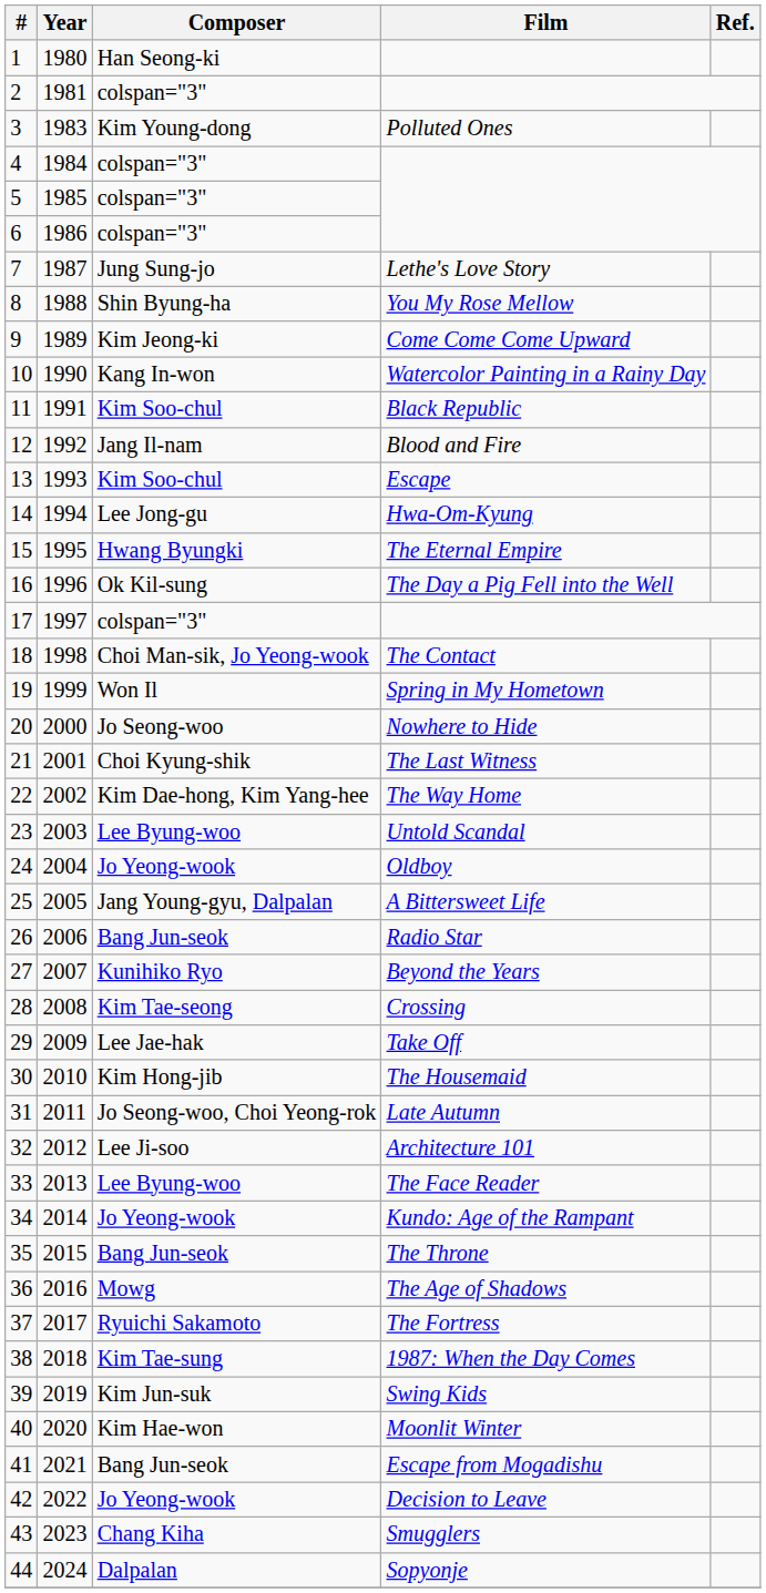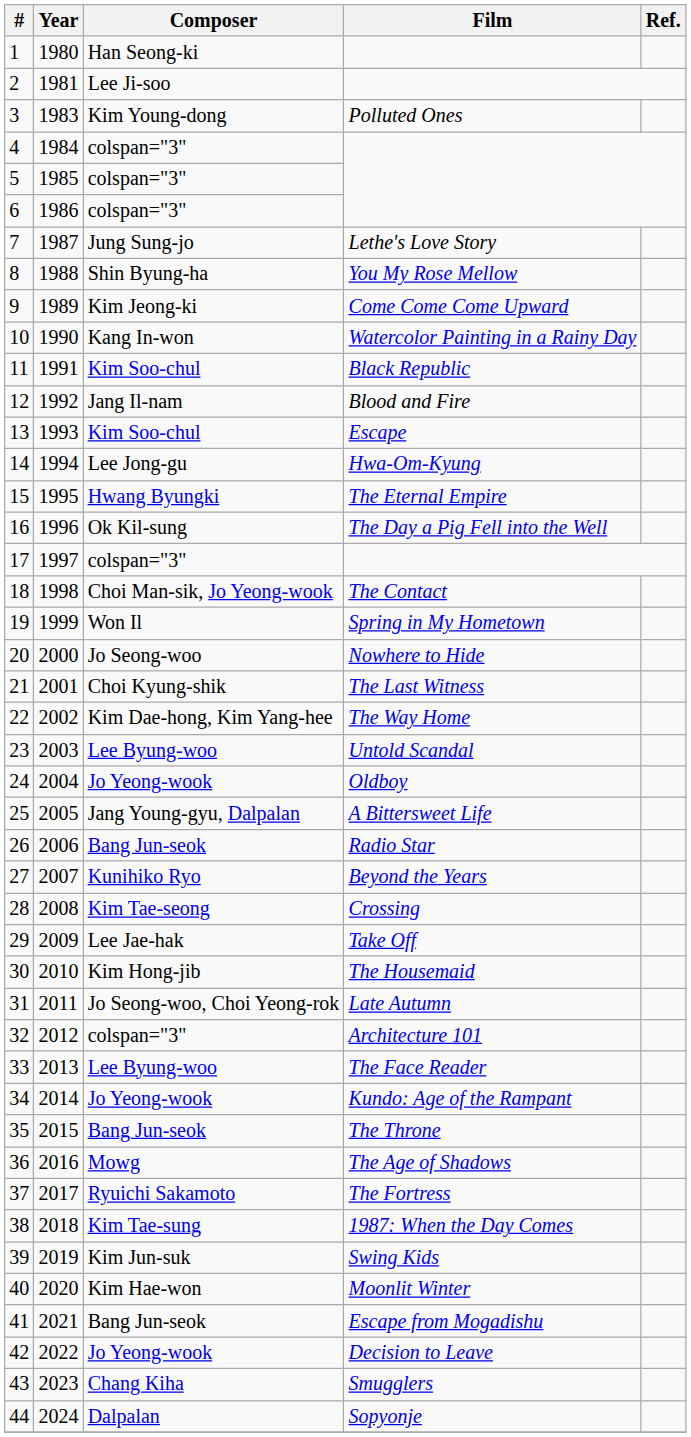 <table class="wikitable">
 <tr>
 <th>#</th>
 <th>Year</th>
 <th>Composer</th>
 <th>Film</th>
 <th>Ref.</th>
 </tr>
 <tr>
 <td>1</td>
 <td>1980</td>
 <td>Han Seong-ki</td>
 <td></td>
 <td></td>
 </tr>
 <tr>
 <td>2</td>
 <td>1981</td>
-<td>colspan="3" </td>
+<td>Lee Ji-soo</td>
 </tr>
 <tr>
 <td>3</td>
 <td>1983</td>
 <td>Kim Young-dong</td>
 <td><em>Polluted Ones</em></td>
 <td></td>
 </tr>
 <tr>
 <td>4</td>
 <td>1984</td>
 <td>colspan="3" </td>
 </tr>
 <tr>
 <td>5</td>
 <td>1985</td>
 <td>colspan="3" </td>
 </tr>
 <tr>
 <td>6</td>
 <td>1986</td>
 <td>colspan="3" </td>
 </tr>
 <tr>
 <td>7</td>
 <td>1987</td>
 <td>Jung Sung-jo</td>
 <td><em>Lethe's Love Story</em></td>
 <td></td>
 </tr>
 <tr>
 <td>8</td>
 <td>1988</td>
 <td>Shin Byung-ha</td>
 <td><em><a href='#'>You My Rose Mellow</a></em></td>
 <td></td>
 </tr>
 <tr>
 <td>9</td>
 <td>1989</td>
 <td>Kim Jeong-ki</td>
 <td><em><a href='#'>Come Come Come Upward</a></em></td>
 <td></td>
 </tr>
 <tr>
 <td>10</td>
 <td>1990</td>
 <td>Kang In-won</td>
 <td><em><a href='#'>Watercolor Painting in a Rainy Day</a></em></td>
 <td></td>
 </tr>
 <tr>
 <td>11</td>
 <td>1991</td>
 <td><a href='#'>Kim Soo-chul</a></td>
 <td><em><a href='#'>Black Republic</a></em></td>
 <td></td>
 </tr>
 <tr>
 <td>12</td>
 <td>1992</td>
 <td>Jang Il-nam</td>
 <td><em>Blood and Fire</em></td>
 <td></td>
 </tr>
 <tr>
 <td>13</td>
 <td>1993</td>
 <td><a href='#'>Kim Soo-chul</a></td>
 <td><em><a href='#'>Escape</a></em></td>
 <td></td>
 </tr>
 <tr>
 <td>14</td>
 <td>1994</td>
 <td>Lee Jong-gu</td>
 <td><em><a href='#'>Hwa-Om-Kyung</a></em></td>
 <td></td>
 </tr>
 <tr>
 <td>15</td>
 <td>1995</td>
 <td><a href='#'>Hwang Byungki</a></td>
 <td><em><a href='#'>The Eternal Empire</a></em></td>
 <td></td>
 </tr>
 <tr>
 <td>16</td>
 <td>1996</td>
 <td>Ok Kil-sung</td>
 <td><em><a href='#'>The Day a Pig Fell into the Well</a></em></td>
 <td></td>
 </tr>
 <tr>
 <td>17</td>
 <td>1997</td>
 <td>colspan="3" </td>
 </tr>
 <tr>
 <td>18</td>
 <td>1998</td>
 <td>Choi Man-sik, <a href='#'>Jo Yeong-wook</a></td>
 <td><em><a href='#'>The Contact</a></em></td>
 <td></td>
 </tr>
 <tr>
 <td>19</td>
 <td>1999</td>
 <td>Won Il</td>
 <td><em><a href='#'>Spring in My Hometown</a></em></td>
 <td></td>
 </tr>
 <tr>
 <td>20</td>
 <td>2000</td>
 <td>Jo Seong-woo</td>
 <td><em><a href='#'>Nowhere to Hide</a></em></td>
 <td></td>
 </tr>
 <tr>
 <td>21</td>
 <td>2001</td>
 <td>Choi Kyung-shik</td>
 <td><em><a href='#'>The Last Witness</a></em></td>
 <td></td>
 </tr>
 <tr>
 <td>22</td>
 <td>2002</td>
 <td>Kim Dae-hong, Kim Yang-hee</td>
 <td><em><a href='#'>The Way Home</a></em></td>
 <td></td>
 </tr>
 <tr>
 <td>23</td>
 <td>2003</td>
 <td><a href='#'>Lee Byung-woo</a></td>
 <td><em><a href='#'>Untold Scandal</a></em></td>
 <td></td>
 </tr>
 <tr>
 <td>24</td>
 <td>2004</td>
 <td><a href='#'>Jo Yeong-wook</a></td>
 <td><em><a href='#'>Oldboy</a></em></td>
 <td></td>
 </tr>
 <tr>
 <td>25</td>
 <td>2005</td>
 <td>Jang Young-gyu, <a href='#'>Dalpalan</a></td>
 <td><em><a href='#'>A Bittersweet Life</a></em></td>
 <td></td>
 </tr>
 <tr>
 <td>26</td>
 <td>2006</td>
 <td><a href='#'>Bang Jun-seok</a></td>
 <td><em><a href='#'>Radio Star</a></em></td>
 <td></td>
 </tr>
 <tr>
 <td>27</td>
 <td>2007</td>
 <td><a href='#'>Kunihiko Ryo</a></td>
 <td><em><a href='#'>Beyond the Years</a></em></td>
 <td></td>
 </tr>
 <tr>
 <td>28</td>
 <td>2008</td>
 <td><a href='#'>Kim Tae-seong</a></td>
 <td><em><a href='#'>Crossing</a></em></td>
 <td></td>
 </tr>
 <tr>
 <td>29</td>
 <td>2009</td>
 <td>Lee Jae-hak</td>
 <td><em><a href='#'>Take Off</a></em></td>
 <td></td>
 </tr>
 <tr>
 <td>30</td>
 <td>2010</td>
 <td>Kim Hong-jib</td>
 <td><em><a href='#'>The Housemaid</a></em></td>
 <td></td>
 </tr>
 <tr>
 <td>31</td>
 <td>2011</td>
 <td>Jo Seong-woo, Choi Yeong-rok</td>
 <td><em><a href='#'>Late Autumn</a></em></td>
 <td></td>
 </tr>
 <tr>
 <td>32</td>
 <td>2012</td>
-<td>Lee Ji-soo</td>
+<td>colspan="3" </td>
 <td><em><a href='#'>Architecture 101</a></em></td>
 <td></td>
 </tr>
 <tr>
 <td>33</td>
 <td>2013</td>
 <td><a href='#'>Lee Byung-woo</a></td>
 <td><em><a href='#'>The Face Reader</a></em></td>
 <td></td>
 </tr>
 <tr>
 <td>34</td>
 <td>2014</td>
 <td><a href='#'>Jo Yeong-wook</a></td>
 <td><em><a href='#'>Kundo: Age of the Rampant</a></em></td>
 <td></td>
 </tr>
 <tr>
 <td>35</td>
 <td>2015</td>
 <td><a href='#'>Bang Jun-seok</a></td>
 <td><em><a href='#'>The Throne</a></em></td>
 <td></td>
 </tr>
 <tr>
 <td>36</td>
 <td>2016</td>
 <td><a href='#'>Mowg</a></td>
 <td><em><a href='#'>The Age of Shadows</a></em></td>
 <td></td>
 </tr>
 <tr>
 <td>37</td>
 <td>2017</td>
 <td><a href='#'>Ryuichi Sakamoto</a></td>
 <td><em><a href='#'>The Fortress</a></em></td>
 <td></td>
 </tr>
 <tr>
 <td>38</td>
 <td>2018</td>
 <td><a href='#'>Kim Tae-sung</a></td>
 <td><em><a href='#'>1987: When the Day Comes</a></em></td>
 <td></td>
 </tr>
 <tr>
 <td>39</td>
 <td>2019</td>
 <td>Kim Jun-suk</td>
 <td><em><a href='#'>Swing Kids</a></em></td>
 <td></td>
 </tr>
 <tr>
 <td>40</td>
 <td>2020</td>
 <td>Kim Hae-won</td>
 <td><em><a href='#'>Moonlit Winter</a></em></td>
 <td></td>
 </tr>
 <tr>
 <td>41</td>
 <td>2021</td>
 <td>Bang Jun-seok</td>
 <td><em><a href='#'>Escape from Mogadishu</a></em></td>
 <td></td>
 </tr>
 <tr>
 <td>42</td>
 <td>2022</td>
 <td><a href='#'>Jo Yeong-wook</a></td>
 <td><em><a href='#'>Decision to Leave</a></em></td>
 <td></td>
 </tr>
 <tr>
 <td>43</td>
 <td>2023</td>
 <td><a href='#'>Chang Kiha</a></td>
 <td><em><a href='#'>Smugglers</a></em></td>
 <td></td>
 </tr>
 <tr>
 <td>44</td>
 <td>2024</td>
 <td><a href='#'>Dalpalan</a></td>
 <td><em><a href='#'>Sopyonje</a></em></td>
 <td></td>
 </tr>
 <tr>
 </tr>
 </table>
